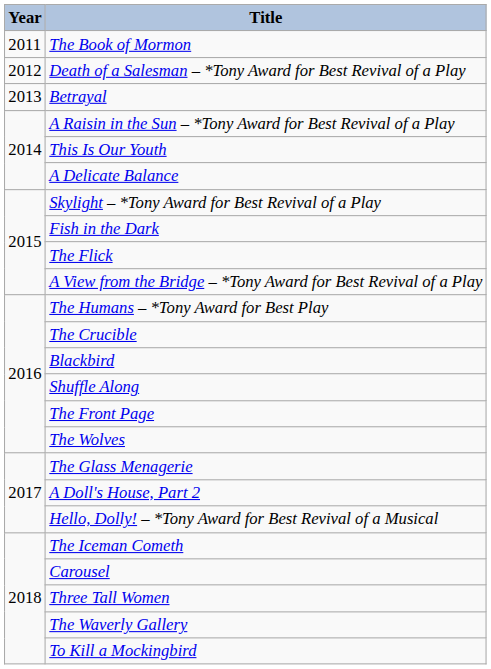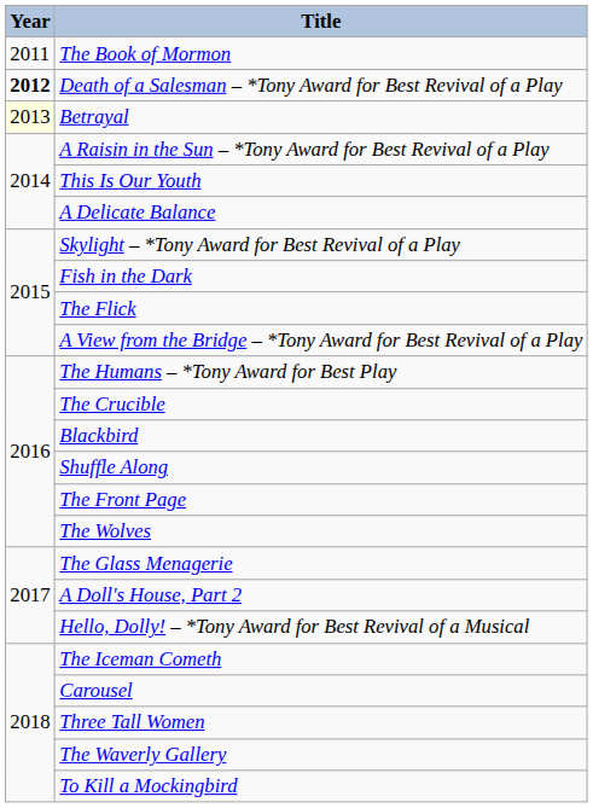 <table class="wikitable">
 <tr>
 <th style="background:#B0C4DE;">Year</th>
 <th style="background:#B0C4DE;">Title</th>
 </tr>
 <tr>
 <td rowspan="1">2011</td>
 <td><em><a href='#'>The Book of Mormon</a></em></td>
 </tr>
 <tr>
-<td rowspan="1">2012</td>
+<td rowspan="1"><strong>2012</strong></td>
 <td><em><a href='#'>Death of a Salesman</a> – *Tony Award for Best Revival of a Play</em></td>
 </tr>
 <tr>
-<td rowspan="1">2013</td>
+<td rowspan="1" style="background: lightyellow;">2013</td>
 <td><em><a href='#'>Betrayal</a></em></td>
 </tr>
 <tr>
 <td rowspan="3">2014</td>
 <td><em><a href='#'>A Raisin in the Sun</a> – *Tony Award for Best Revival of a Play</em></td>
 </tr>
 <tr>
 <td><em><a href='#'>This Is Our Youth</a></em></td>
 </tr>
 <tr>
 <td><em><a href='#'>A Delicate Balance</a></em></td>
 </tr>
 <tr>
 <td rowspan="4">2015</td>
 <td><em><a href='#'>Skylight</a> – *Tony Award for Best Revival of a Play</em></td>
 </tr>
 <tr>
 <td><em><a href='#'>Fish in the Dark</a></em></td>
 </tr>
 <tr>
 <td><em><a href='#'>The Flick</a></em></td>
 </tr>
 <tr>
 <td><em><a href='#'>A View from the Bridge</a> – *Tony Award for Best Revival of a Play</em></td>
 </tr>
 <tr>
 <td rowspan="6">2016</td>
 <td><em><a href='#'>The Humans</a> – *Tony Award for Best Play</em></td>
 </tr>
 <tr>
 <td><em><a href='#'>The Crucible</a></em></td>
 </tr>
 <tr>
 <td><em><a href='#'>Blackbird</a></em></td>
 </tr>
 <tr>
 <td><em><a href='#'>Shuffle Along</a></em></td>
 </tr>
 <tr>
 <td><em><a href='#'>The Front Page</a></em></td>
 </tr>
 <tr>
 <td><em><a href='#'>The Wolves</a></em></td>
 </tr>
 <tr>
 <td rowspan="3">2017</td>
 <td><em><a href='#'>The Glass Menagerie</a></em></td>
 </tr>
 <tr>
 <td><em><a href='#'>A Doll's House, Part 2</a></em></td>
 </tr>
 <tr>
 <td><em><a href='#'>Hello, Dolly!</a> – *Tony Award for Best Revival of a Musical</em></td>
 </tr>
 <tr>
 <td rowspan="5">2018</td>
 <td><em><a href='#'>The Iceman Cometh</a></em></td>
 </tr>
 <tr>
 <td><em><a href='#'>Carousel</a></em></td>
 </tr>
 <tr>
 <td><em><a href='#'>Three Tall Women</a></em></td>
 </tr>
 <tr>
 <td><em><a href='#'>The Waverly Gallery</a></em></td>
 </tr>
 <tr>
 <td><em><a href='#'>To Kill a Mockingbird</a></em></td>
 </tr>
 </table>
